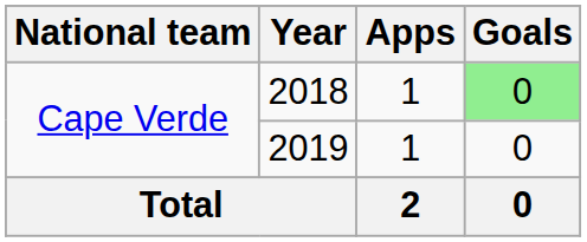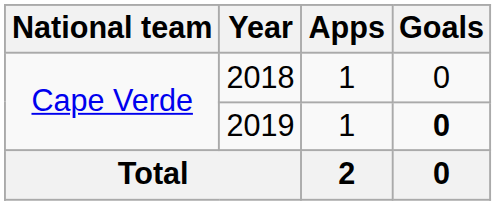 <table class=wikitable style="text-align:center">
 <tr>
 <th>National team</th>
 <th>Year</th>
 <th>Apps</th>
 <th>Goals</th>
 </tr>
 <tr>
 <td rowspan=2><a href='#'>Cape Verde</a></td>
 <td>2018</td>
 <td>1</td>
-<td style="background: lightgreen;">0</td>
+<td>0</td>
 </tr>
 <tr>
 <td>2019</td>
 <td>1</td>
-<td>0</td>
+<td><strong>0</strong></td>
 </tr>
 <tr>
 <th colspan="2">Total</th>
 <th>2</th>
 <th>0</th>
 </tr>
 </table>
